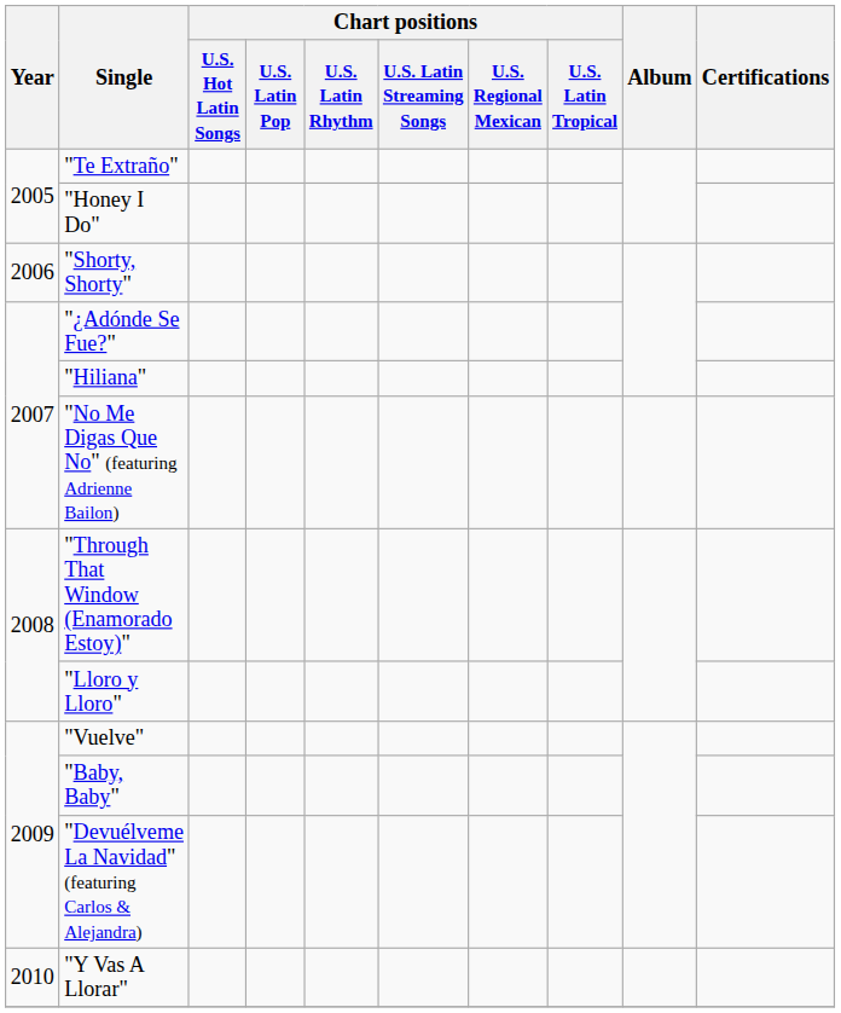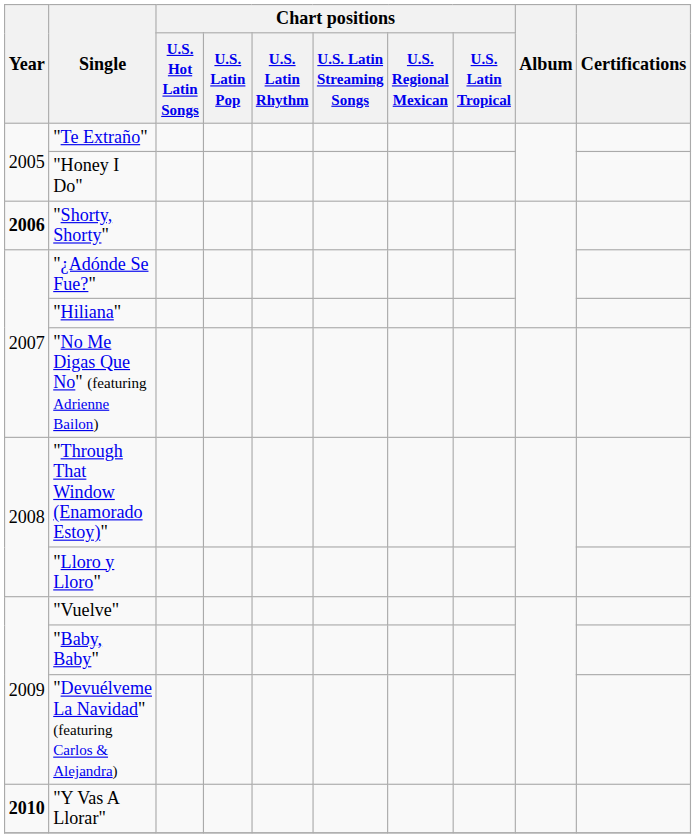 <table class="wikitable">
 <tr>
 <th rowspan="2">Year</th>
 <th rowspan="2">Single</th>
 <th colspan="6">Chart positions</th>
 <th rowspan="2">Album</th>
 <th rowspan="2">Certifications</th>
 </tr>
 <tr>
 <th width="35"><small><a href='#'>U.S. Hot Latin Songs</a></small></th>
 <th width="35"><small><a href='#'>U.S. Latin Pop</a></small></th>
 <th width="35"><small><a href='#'>U.S. Latin Rhythm</a></small></th>
 <th width="35"><small><a href='#'>U.S. Latin Streaming Songs</a></small></th>
 <th width="35"><small><a href='#'>U.S. Regional Mexican</a></small></th>
 <th width="35"><small><a href='#'>U.S. Latin Tropical</a></small></th>
 </tr>
 <tr>
 <td align="left" rowspan="2">2005</td>
 <td>"<a href='#'>Te Extraño</a>"</td>
 <td></td>
 <td></td>
 <td></td>
 <td></td>
 <td></td>
 <td></td>
 <td align="left" rowspan="2"></td>
 <td></td>
 </tr>
 <tr>
 <td>"Honey I Do"</td>
 <td></td>
 <td></td>
 <td></td>
 <td></td>
 <td></td>
 <td></td>
 <td></td>
 </tr>
 <tr>
-<td>2006</td>
+<td><strong>2006</strong></td>
 <td>"<a href='#'>Shorty, Shorty</a>"</td>
 <td></td>
 <td></td>
 <td></td>
 <td></td>
 <td></td>
 <td></td>
 <td align="left" rowspan="3"></td>
 <td></td>
 </tr>
 <tr>
 <td align="left" rowspan="3">2007</td>
 <td>"<a href='#'>¿Adónde Se Fue?</a>"</td>
 <td></td>
 <td></td>
 <td></td>
 <td></td>
 <td></td>
 <td></td>
 <td></td>
 </tr>
 <tr>
 <td>"<a href='#'>Hiliana</a>"</td>
 <td></td>
 <td></td>
 <td></td>
 <td></td>
 <td></td>
 <td></td>
 <td></td>
 </tr>
 <tr>
 <td>"<a href='#'>No Me Digas Que No</a>" <small>(featuring <a href='#'>Adrienne Bailon</a>)</small></td>
 <td></td>
 <td></td>
 <td></td>
 <td></td>
 <td></td>
 <td></td>
 <td></td>
 <td></td>
 </tr>
 <tr>
 <td align="left" rowspan="2">2008</td>
 <td>"<a href='#'>Through That Window (Enamorado Estoy)</a>"</td>
 <td></td>
 <td></td>
 <td></td>
 <td></td>
 <td></td>
 <td></td>
 <td align="left" rowspan="2"></td>
 <td></td>
 </tr>
 <tr>
 <td>"<a href='#'>Lloro y Lloro</a>"</td>
 <td></td>
 <td></td>
 <td></td>
 <td></td>
 <td></td>
 <td></td>
 <td></td>
 </tr>
 <tr>
 <td align="left" rowspan="3">2009</td>
 <td>"Vuelve"</td>
 <td></td>
 <td></td>
 <td></td>
 <td></td>
 <td></td>
 <td></td>
 <td align="left" rowspan="3"></td>
 <td></td>
 </tr>
 <tr>
 <td>"<a href='#'>Baby, Baby</a>"</td>
 <td></td>
 <td></td>
 <td></td>
 <td></td>
 <td></td>
 <td></td>
 <td></td>
 </tr>
 <tr>
 <td>"<a href='#'>Devuélveme La Navidad</a>" <small>(featuring <a href='#'>Carlos & Alejandra</a>)</small></td>
 <td></td>
 <td></td>
 <td></td>
 <td></td>
 <td></td>
 <td></td>
 <td></td>
 </tr>
 <tr>
-<td>2010</td>
+<td><strong>2010</strong></td>
 <td>"Y Vas A Llorar"</td>
 <td></td>
 <td></td>
 <td></td>
 <td></td>
 <td></td>
 <td></td>
 <td></td>
 <td></td>
 </tr>
 <tr>
 </tr>
 </table>
